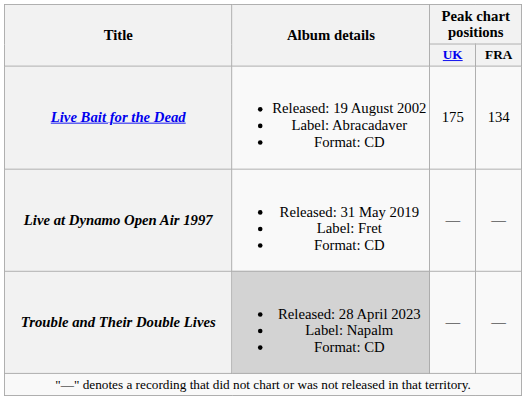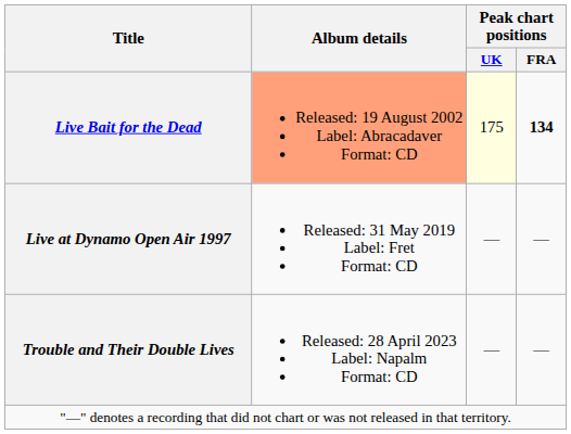 <table class="wikitable plainrowheaders" style="text-align:center;">
 <tr>
 <th scope="col" rowspan="2" style="width:15em;">Title</th>
 <th scope="col" rowspan="2">Album details</th>
 <th scope="col" colspan="2">Peak chart positions</th>
 </tr>
 <tr>
 <th scope="col" style="width:3em;font-size:90%;"><a href='#'>UK</a><br></th>
 <th scope="col" style="width:3em;font-size:90%;">FRA<br></th>
 </tr>
 <tr>
 <th scope="row"><em><a href='#'>Live Bait for the Dead</a></em></th>
-<td><br><ul><li>Released: 19 August 2002</li><li>Label: Abracadaver</li><li>Format: CD</li></ul></td>
-<td>175</td>
-<td>134</td>
+<td style="background: lightsalmon;"><br><ul><li>Released: 19 August 2002</li><li>Label: Abracadaver</li><li>Format: CD</li></ul></td>
+<td style="background: lightyellow;">175</td>
+<td><strong>134</strong></td>
 </tr>
 <tr>
 <th scope="row"><em>Live at Dynamo Open Air 1997</em></th>
 <td><br><ul><li>Released: 31 May 2019</li><li>Label: Fret</li><li>Format: CD</li></ul></td>
 <td>—</td>
 <td>—</td>
 </tr>
 <tr>
 <th scope="row"><em>Trouble and Their Double Lives</em></th>
-<td style="background: lightgrey;"><br><ul><li>Released: 28 April 2023</li><li>Label: Napalm</li><li>Format: CD</li></ul></td>
+<td><br><ul><li>Released: 28 April 2023</li><li>Label: Napalm</li><li>Format: CD</li></ul></td>
 <td>—</td>
 <td>—</td>
 </tr>
 <tr>
 <td colspan="10" style="font-size:90%">"—" denotes a recording that did not chart or was not released in that territory.</td>
 </tr>
 </table>
